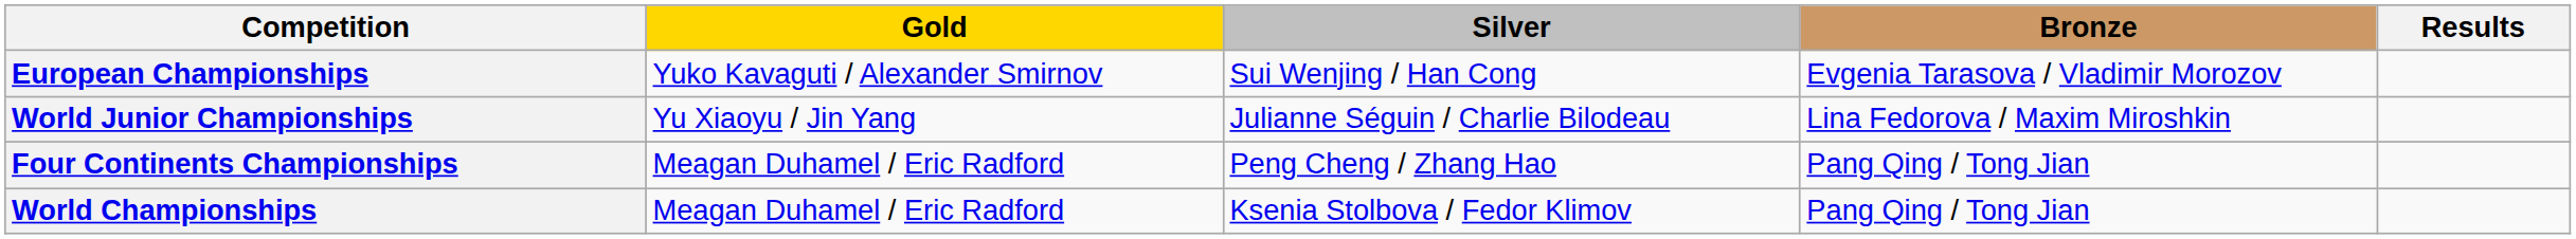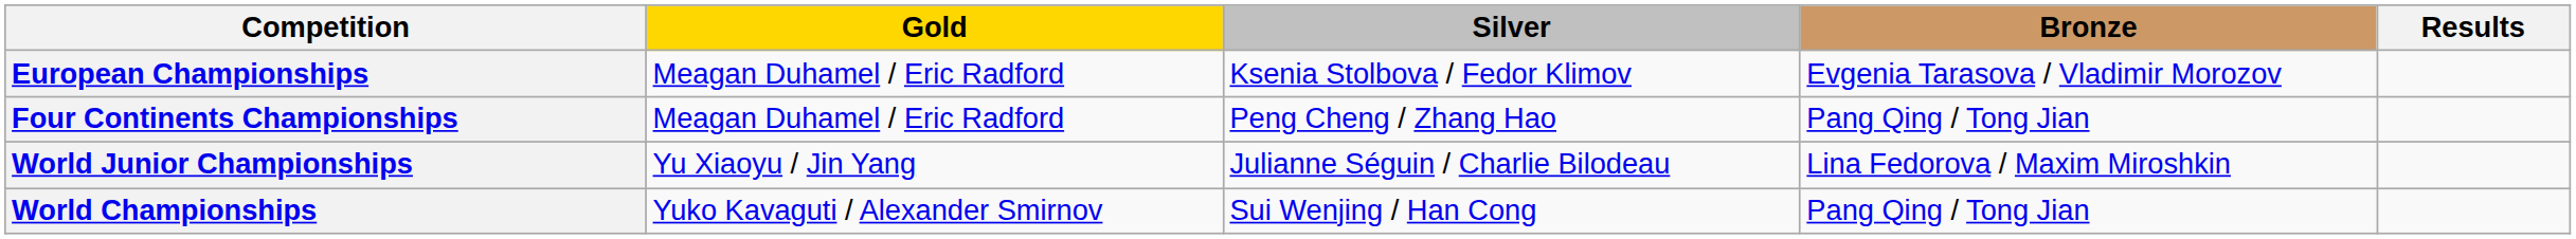 <table class="wikitable unsortable" style="text-align:left; width:90%">
 <tr>
 <th scope="col" style="text-align:center; width:25%;">Competition</th>
 <td scope="col" style="text-align:center; width:22.5%; background:gold"><strong>Gold</strong></td>
 <td scope="col" style="text-align:center; width:22.5%; background:silver"><strong>Silver</strong></td>
 <td scope="col" style="text-align:center; width:22.5%; background:#c96"><strong>Bronze</strong></td>
 <th scope="col" style="text-align:center; width:7.5%;">Results</th>
 </tr>
 <tr>
 <th scope="row" style="text-align:left"> <a href='#'>European Championships</a></th>
-<td> <a href='#'>Yuko Kavaguti</a> / <a href='#'>Alexander Smirnov</a></td>
-<td> <a href='#'>Sui Wenjing</a> / <a href='#'>Han Cong</a></td>
+<td> <a href='#'>Meagan Duhamel</a> / <a href='#'>Eric Radford</a></td>
+<td> <a href='#'>Ksenia Stolbova</a> / <a href='#'>Fedor Klimov</a></td>
 <td> <a href='#'>Evgenia Tarasova</a> / <a href='#'>Vladimir Morozov</a></td>
+<td></td>
+</tr>
+<tr>
+<th scope="row" style="text-align:left"> <a href='#'>Four Continents Championships</a></th>
+<td> <a href='#'>Meagan Duhamel</a> / <a href='#'>Eric Radford</a></td>
+<td> <a href='#'>Peng Cheng</a> / <a href='#'>Zhang Hao</a></td>
+<td> <a href='#'>Pang Qing</a> / <a href='#'>Tong Jian</a></td>
 <td></td>
 </tr>
 <tr>
 <th scope="row" style="text-align:left"> <a href='#'>World Junior Championships</a></th>
 <td> <a href='#'>Yu Xiaoyu</a> / <a href='#'>Jin Yang</a></td>
 <td> <a href='#'>Julianne Séguin</a> / <a href='#'>Charlie Bilodeau</a></td>
 <td> <a href='#'>Lina Fedorova</a> / <a href='#'>Maxim Miroshkin</a></td>
 <td></td>
 </tr>
 <tr>
-<th scope="row" style="text-align:left"> <a href='#'>Four Continents Championships</a></th>
-<td> <a href='#'>Meagan Duhamel</a> / <a href='#'>Eric Radford</a></td>
-<td> <a href='#'>Peng Cheng</a> / <a href='#'>Zhang Hao</a></td>
-<td> <a href='#'>Pang Qing</a> / <a href='#'>Tong Jian</a></td>
-<td></td>
-</tr>
-<tr>
 <th scope="row" style="text-align:left"> <a href='#'>World Championships</a></th>
-<td> <a href='#'>Meagan Duhamel</a> / <a href='#'>Eric Radford</a></td>
-<td> <a href='#'>Ksenia Stolbova</a> / <a href='#'>Fedor Klimov</a></td>
+<td> <a href='#'>Yuko Kavaguti</a> / <a href='#'>Alexander Smirnov</a></td>
+<td> <a href='#'>Sui Wenjing</a> / <a href='#'>Han Cong</a></td>
 <td> <a href='#'>Pang Qing</a> / <a href='#'>Tong Jian</a></td>
 <td></td>
 </tr>
 </table>
